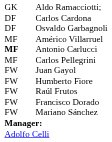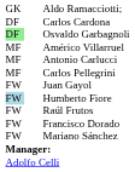 <table cellspacing="0" cellpadding="0" style="font-size:90%; margin:0.2em auto;">
 <tr>
 <th width="25"></th>
 <th width="25"></th>
 </tr>
 <tr>
 <td>GK</td>
 <td></td>
 <td> Aldo Ramacciotti;</td>
 </tr>
 <tr>
 <td>DF</td>
 <td></td>
 <td> Carlos Cardona</td>
 </tr>
 <tr>
-<td>DF</td>
+<td style="background: lightgreen;">DF</td>
 <td></td>
 <td> Osvaldo Garbagnoli</td>
 </tr>
 <tr>
 <td>MF</td>
 <td></td>
 <td> Américo Villarruel</td>
 </tr>
 <tr>
-<td><strong>MF</strong></td>
+<td>MF</td>
 <td></td>
 <td> Antonio Carlucci</td>
 </tr>
 <tr>
 <td>MF</td>
 <td></td>
 <td> Carlos Pellegrini</td>
 </tr>
 <tr>
 <td>FW</td>
 <td></td>
 <td> Juan Gayol</td>
 </tr>
 <tr>
-<td>FW</td>
+<td style="background: lightblue;">FW</td>
 <td></td>
 <td> Humberto Fiore</td>
 </tr>
 <tr>
 <td>FW</td>
 <td></td>
 <td> Raúl Frutos</td>
 </tr>
 <tr>
 <td>FW</td>
 <td></td>
 <td> Francisco Dorado</td>
 </tr>
 <tr>
 <td>FW</td>
 <td></td>
 <td> Mariano Sánchez</td>
 </tr>
 <tr>
 <td colspan=3><strong>Manager:</strong></td>
 </tr>
 <tr>
 <td colspan=4> <a href='#'>Adolfo Celli</a></td>
 </tr>
 </table>
